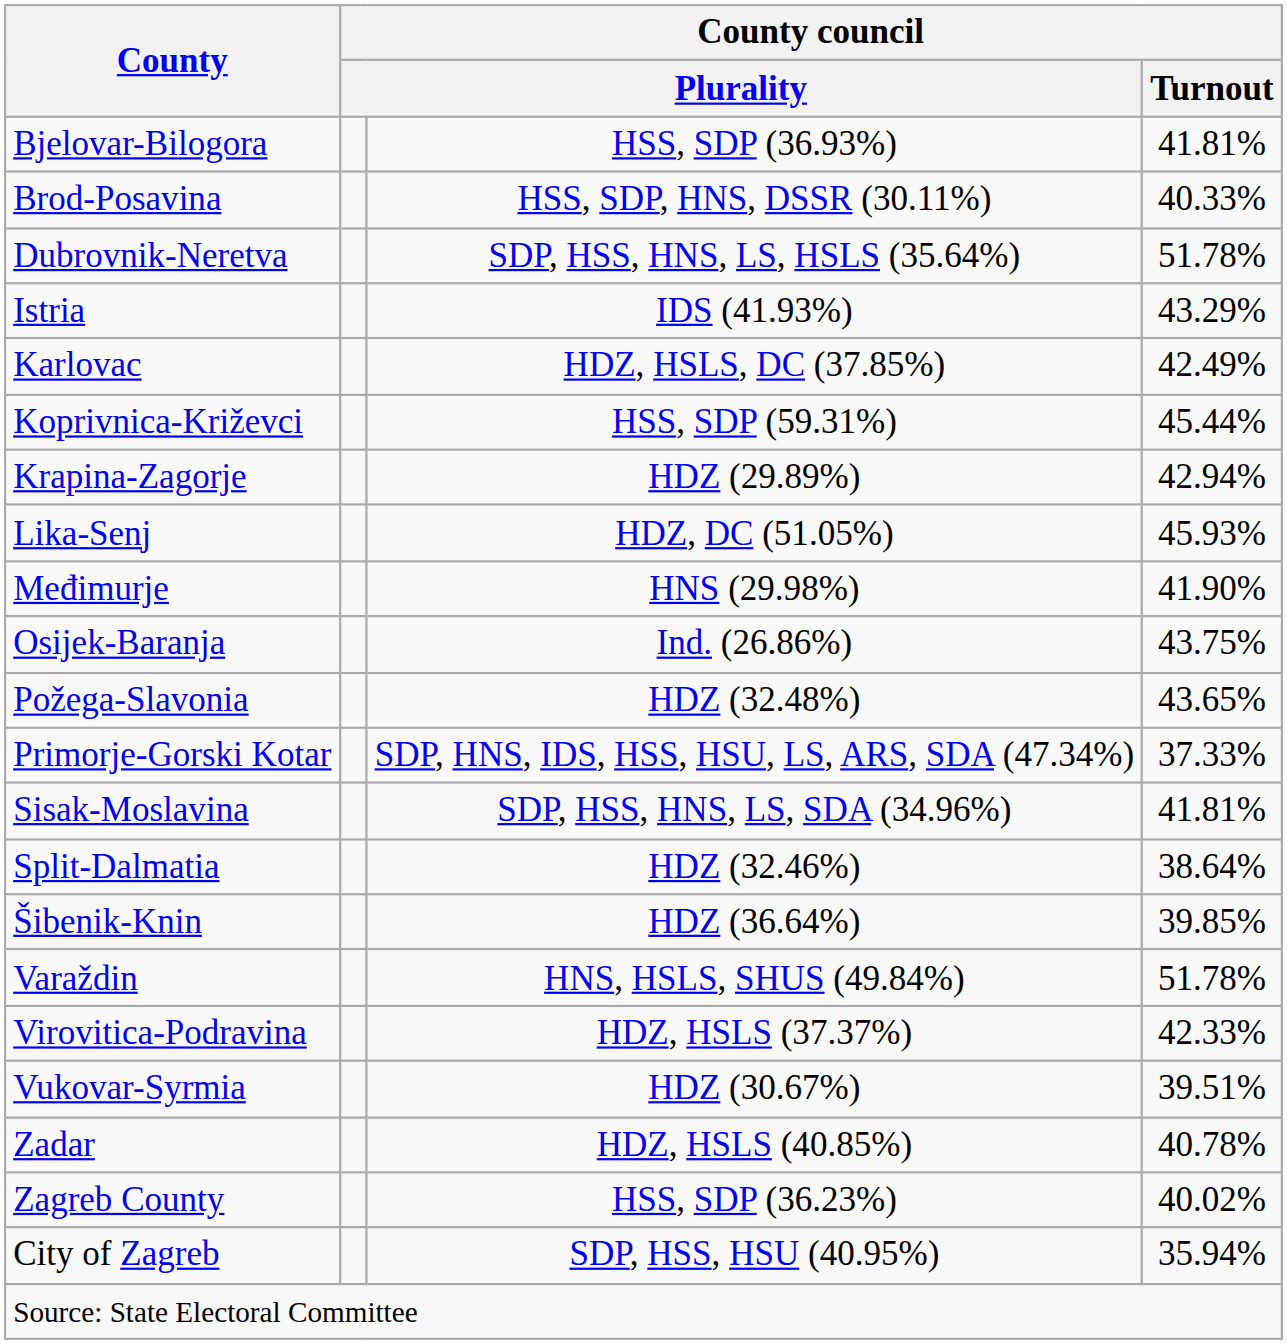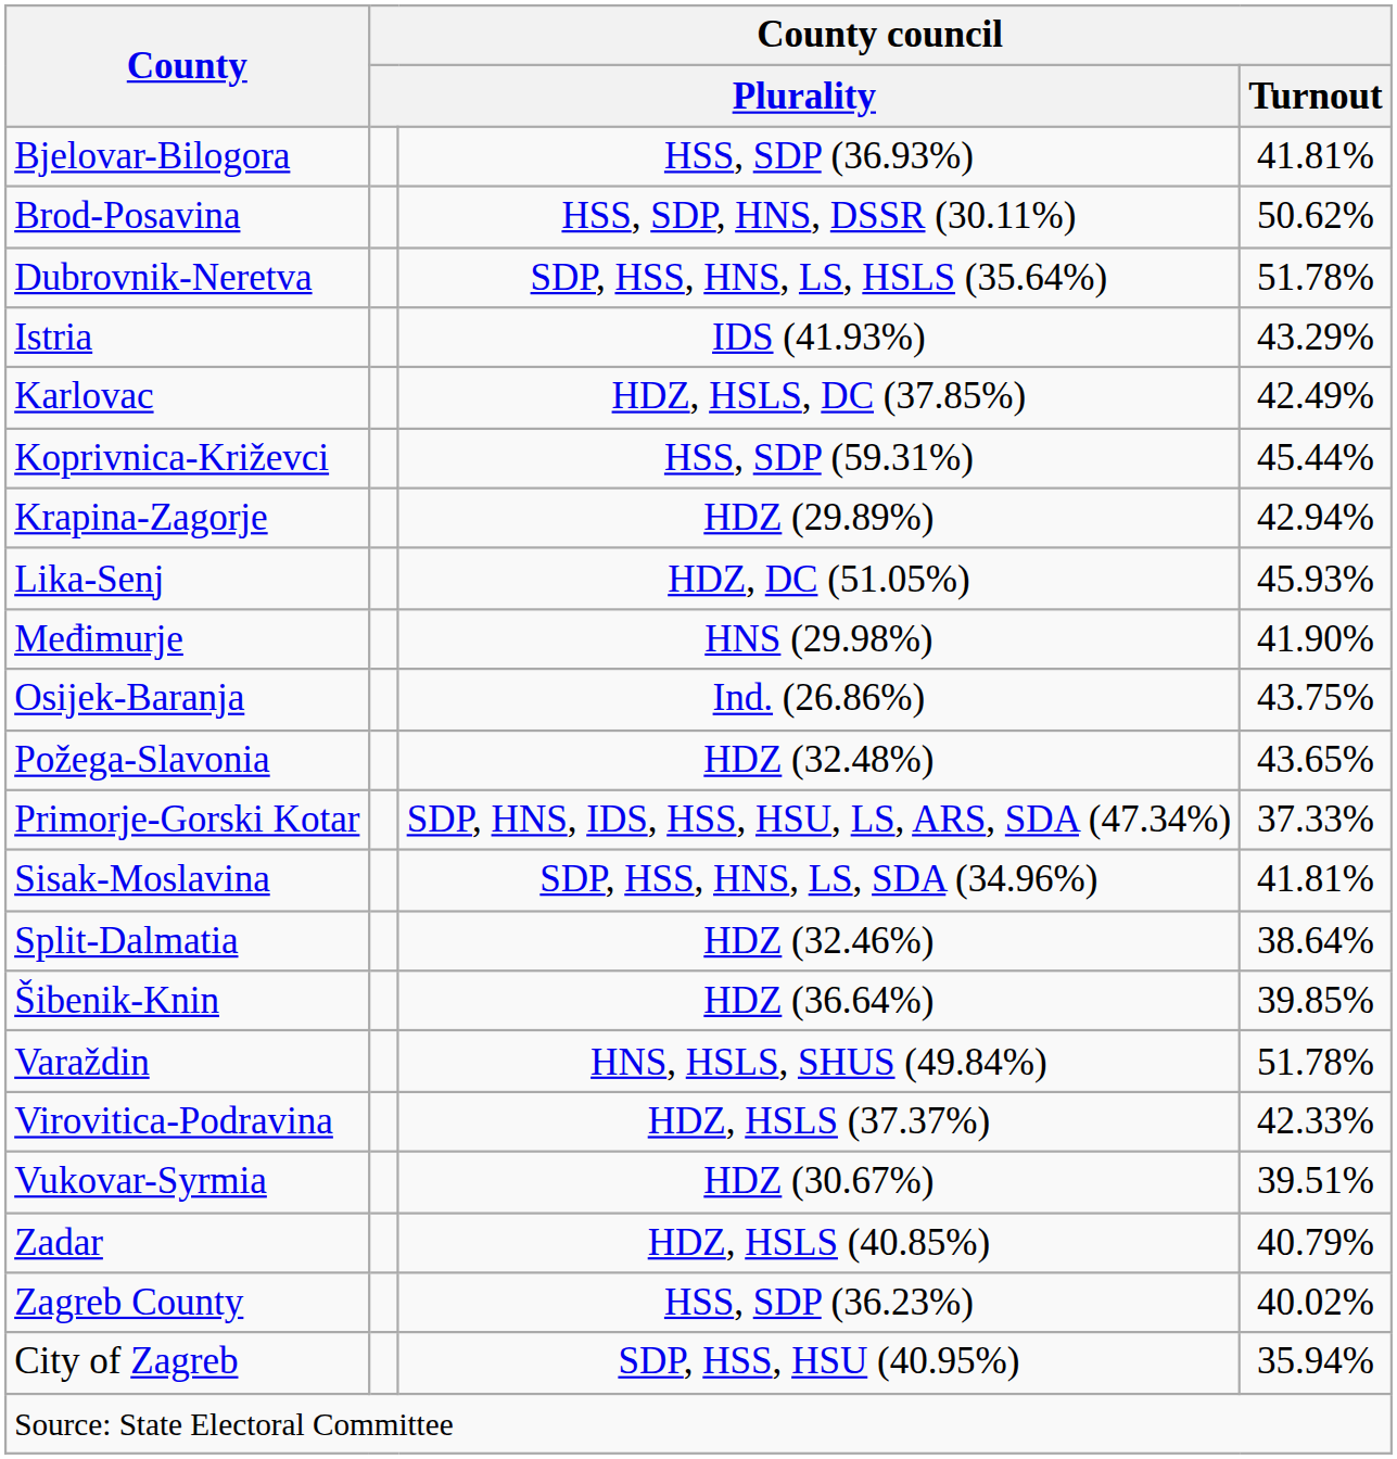 <table class="wikitable">
 <tr>
 <th rowspan="2"><a href='#'>County</a></th>
 <th colspan="3">County council</th>
 </tr>
 <tr>
 <th colspan="2"><a href='#'>Plurality</a></th>
 <th>Turnout</th>
 </tr>
 <tr>
 <td><a href='#'>Bjelovar-Bilogora</a></td>
 <td width="5px" style="background-color:"></td>
 <td style="text-align:center;"><a href='#'>HSS</a>, <a href='#'>SDP</a> (36.93%)</td>
 <td style="text-align:center;">41.81%</td>
 </tr>
 <tr>
 <td><a href='#'>Brod-Posavina</a></td>
 <td width="5px" style="background-color:"></td>
 <td style="text-align:center;"><a href='#'>HSS</a>, <a href='#'>SDP</a>, <a href='#'>HNS</a>, <a href='#'>DSSR</a> (30.11%)</td>
-<td style="text-align:center;">40.33%</td>
+<td style="text-align:center;">50.62%</td>
 </tr>
 <tr>
 <td><a href='#'>Dubrovnik-Neretva</a></td>
 <td width="5px" style="background-color:"></td>
 <td style="text-align:center;"><a href='#'>SDP</a>, <a href='#'>HSS</a>, <a href='#'>HNS</a>, <a href='#'>LS</a>, <a href='#'>HSLS</a> (35.64%)</td>
 <td style="text-align:center;">51.78%</td>
 </tr>
 <tr>
 <td><a href='#'>Istria</a></td>
 <td width="5px" style="background-color:"></td>
 <td style="text-align:center;"><a href='#'>IDS</a> (41.93%)</td>
 <td style="text-align:center;">43.29%</td>
 </tr>
 <tr>
 <td><a href='#'>Karlovac</a></td>
 <td width="5px" style="background-color:"></td>
 <td style="text-align:center;"><a href='#'>HDZ</a>, <a href='#'>HSLS</a>, <a href='#'>DC</a> (37.85%)</td>
 <td style="text-align:center;">42.49%</td>
 </tr>
 <tr>
 <td><a href='#'>Koprivnica-Križevci</a></td>
 <td width="5px" style="background-color:"></td>
 <td style="text-align:center;"><a href='#'>HSS</a>, <a href='#'>SDP</a> (59.31%)</td>
 <td style="text-align:center;">45.44%</td>
 </tr>
 <tr>
 <td><a href='#'>Krapina-Zagorje</a></td>
 <td width="5px" style="background-color:"></td>
 <td style="text-align:center;"><a href='#'>HDZ</a> (29.89%)</td>
 <td style="text-align:center;">42.94%</td>
 </tr>
 <tr>
 <td><a href='#'>Lika-Senj</a></td>
 <td width="5px" style="background-color:"></td>
 <td style="text-align:center;"><a href='#'>HDZ</a>, <a href='#'>DC</a> (51.05%)</td>
 <td style="text-align:center;">45.93%</td>
 </tr>
 <tr>
 <td><a href='#'>Međimurje</a></td>
 <td width="5px" style="background-color:"></td>
 <td style="text-align:center;"><a href='#'>HNS</a> (29.98%)</td>
 <td style="text-align:center;">41.90%</td>
 </tr>
 <tr>
 <td><a href='#'>Osijek-Baranja</a></td>
 <td width="5px" style="background-color:"></td>
 <td style="text-align:center;"><a href='#'>Ind.</a> (26.86%)</td>
 <td style="text-align:center;">43.75%</td>
 </tr>
 <tr>
 <td><a href='#'>Požega-Slavonia</a></td>
 <td width="5px" style="background-color:"></td>
 <td style="text-align:center;"><a href='#'>HDZ</a> (32.48%)</td>
 <td style="text-align:center;">43.65%</td>
 </tr>
 <tr>
 <td><a href='#'>Primorje-Gorski Kotar</a></td>
 <td width="5px" style="background-color:"></td>
 <td style="text-align:center;"><a href='#'>SDP</a>, <a href='#'>HNS</a>, <a href='#'>IDS</a>, <a href='#'>HSS</a>, <a href='#'>HSU</a>, <a href='#'>LS</a>, <a href='#'>ARS</a>, <a href='#'>SDA</a> (47.34%)</td>
 <td style="text-align:center;">37.33%</td>
 </tr>
 <tr>
 <td><a href='#'>Sisak-Moslavina</a></td>
 <td width="5px" style="background-color:"></td>
 <td style="text-align:center;"><a href='#'>SDP</a>, <a href='#'>HSS</a>, <a href='#'>HNS</a>, <a href='#'>LS</a>, <a href='#'>SDA</a> (34.96%)</td>
 <td style="text-align:center;">41.81%</td>
 </tr>
 <tr>
 <td><a href='#'>Split-Dalmatia</a></td>
 <td width="5px" style="background-color:"></td>
 <td style="text-align:center;"><a href='#'>HDZ</a> (32.46%)</td>
 <td style="text-align:center;">38.64%</td>
 </tr>
 <tr>
 <td><a href='#'>Šibenik-Knin</a></td>
 <td width="5px" style="background-color:"></td>
 <td style="text-align:center;"><a href='#'>HDZ</a> (36.64%)</td>
 <td style="text-align:center;">39.85%</td>
 </tr>
 <tr>
 <td><a href='#'>Varaždin</a></td>
 <td width="5px" style="background-color:"></td>
 <td style="text-align:center;"><a href='#'>HNS</a>, <a href='#'>HSLS</a>, <a href='#'>SHUS</a> (49.84%)</td>
 <td style="text-align:center;">51.78%</td>
 </tr>
 <tr>
 <td><a href='#'>Virovitica-Podravina</a></td>
 <td width="5px" style="background-color:"></td>
 <td style="text-align:center;"><a href='#'>HDZ</a>, <a href='#'>HSLS</a> (37.37%)</td>
 <td style="text-align:center;">42.33%</td>
 </tr>
 <tr>
 <td><a href='#'>Vukovar-Syrmia</a></td>
 <td width="5px" style="background-color:"></td>
 <td style="text-align:center;"><a href='#'>HDZ</a> (30.67%)</td>
 <td style="text-align:center;">39.51%</td>
 </tr>
 <tr>
 <td><a href='#'>Zadar</a></td>
 <td width="5px" style="background-color:"></td>
 <td style="text-align:center;"><a href='#'>HDZ</a>, <a href='#'>HSLS</a> (40.85%)</td>
-<td style="text-align:center;">40.78%</td>
+<td style="text-align:center;">40.79%</td>
 </tr>
 <tr>
 <td><a href='#'>Zagreb County</a></td>
 <td width="5px" style="background-color:"></td>
 <td style="text-align:center;"><a href='#'>HSS</a>, <a href='#'>SDP</a> (36.23%)</td>
 <td style="text-align:center;">40.02%</td>
 </tr>
 <tr>
 <td>City of <a href='#'>Zagreb</a></td>
 <td width="5px" style="background-color:"></td>
 <td style="text-align:center;"><a href='#'>SDP</a>, <a href='#'>HSS</a>, <a href='#'>HSU</a> (40.95%)</td>
 <td style="text-align:center;">35.94%</td>
 </tr>
 <tr>
 <td colspan="4"><small>Source: State Electoral Committee</small></td>
 </tr>
 </table>
